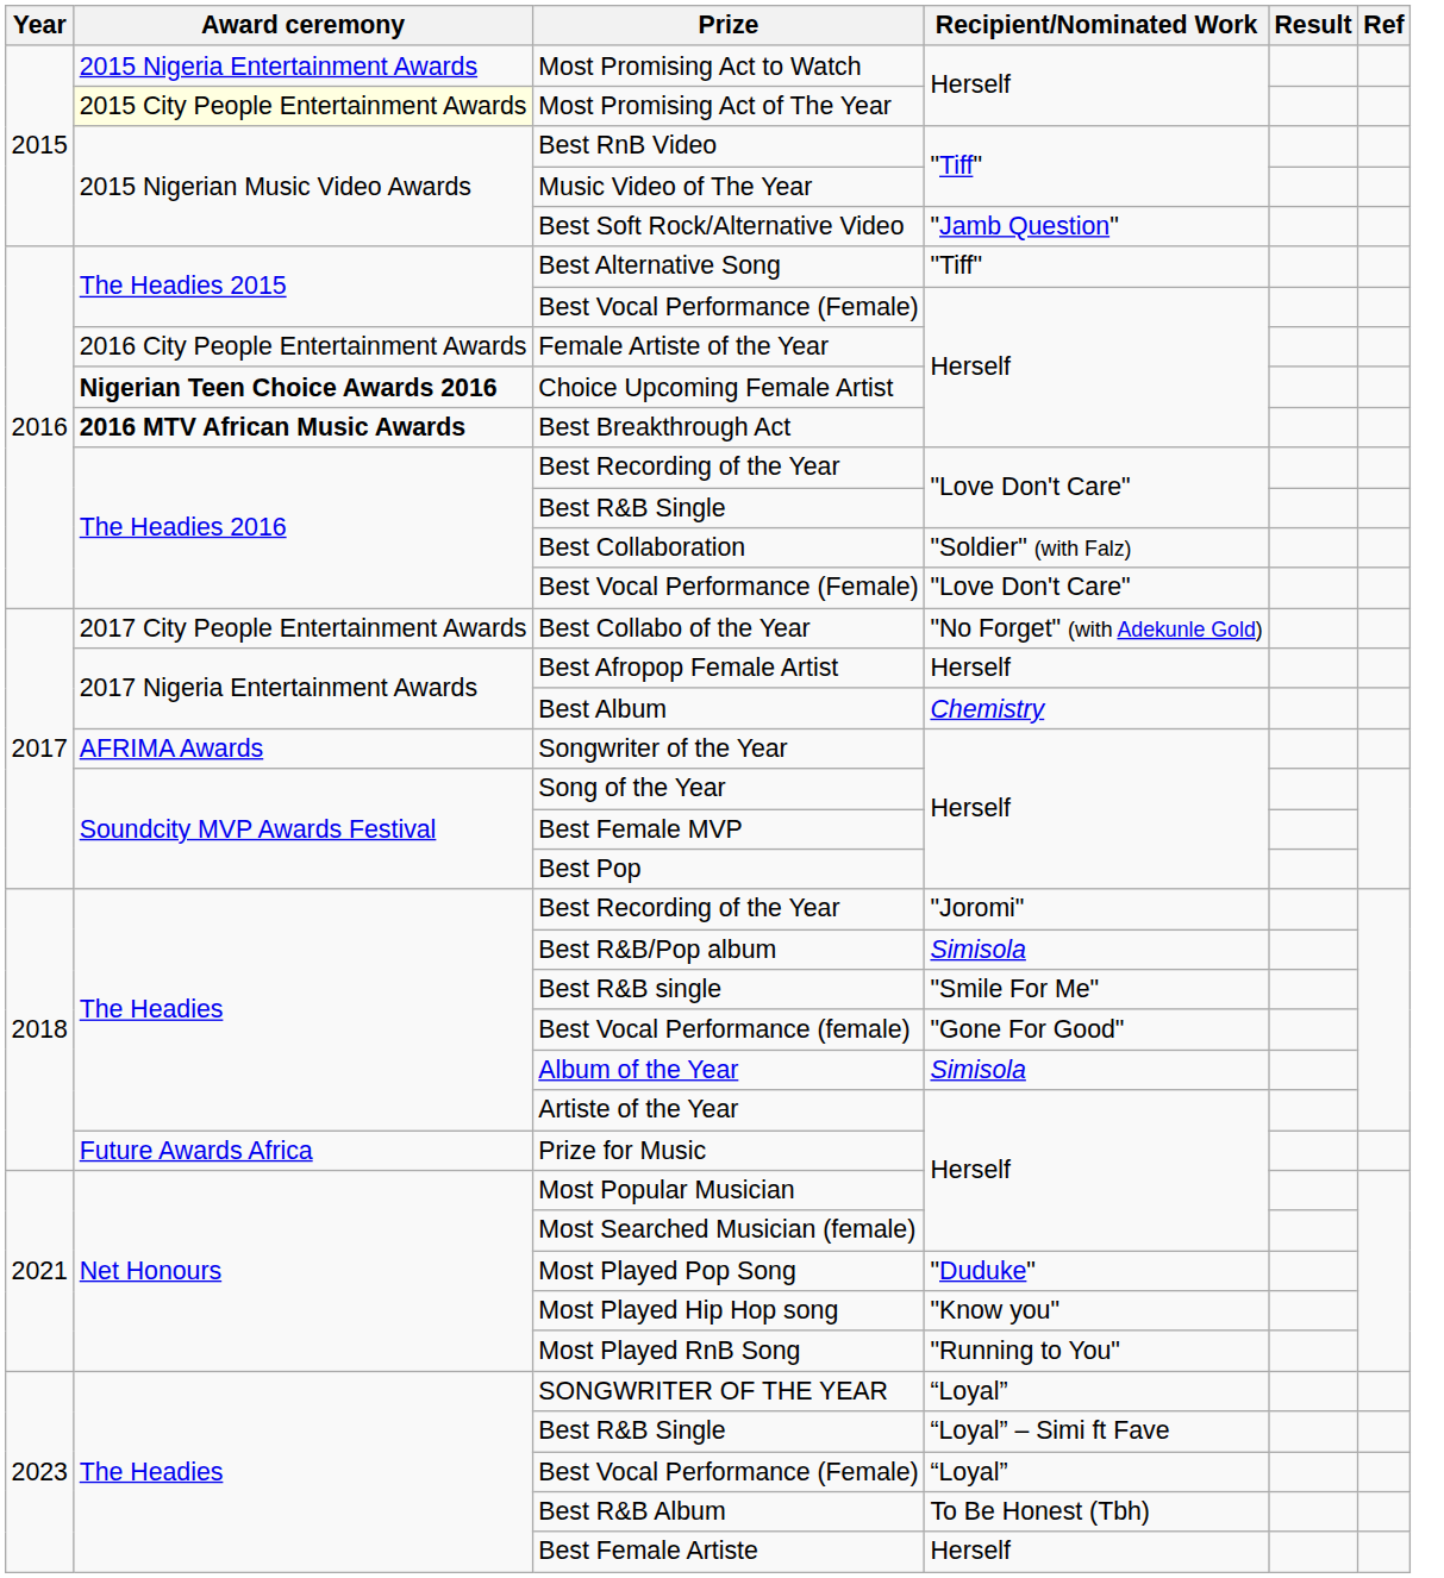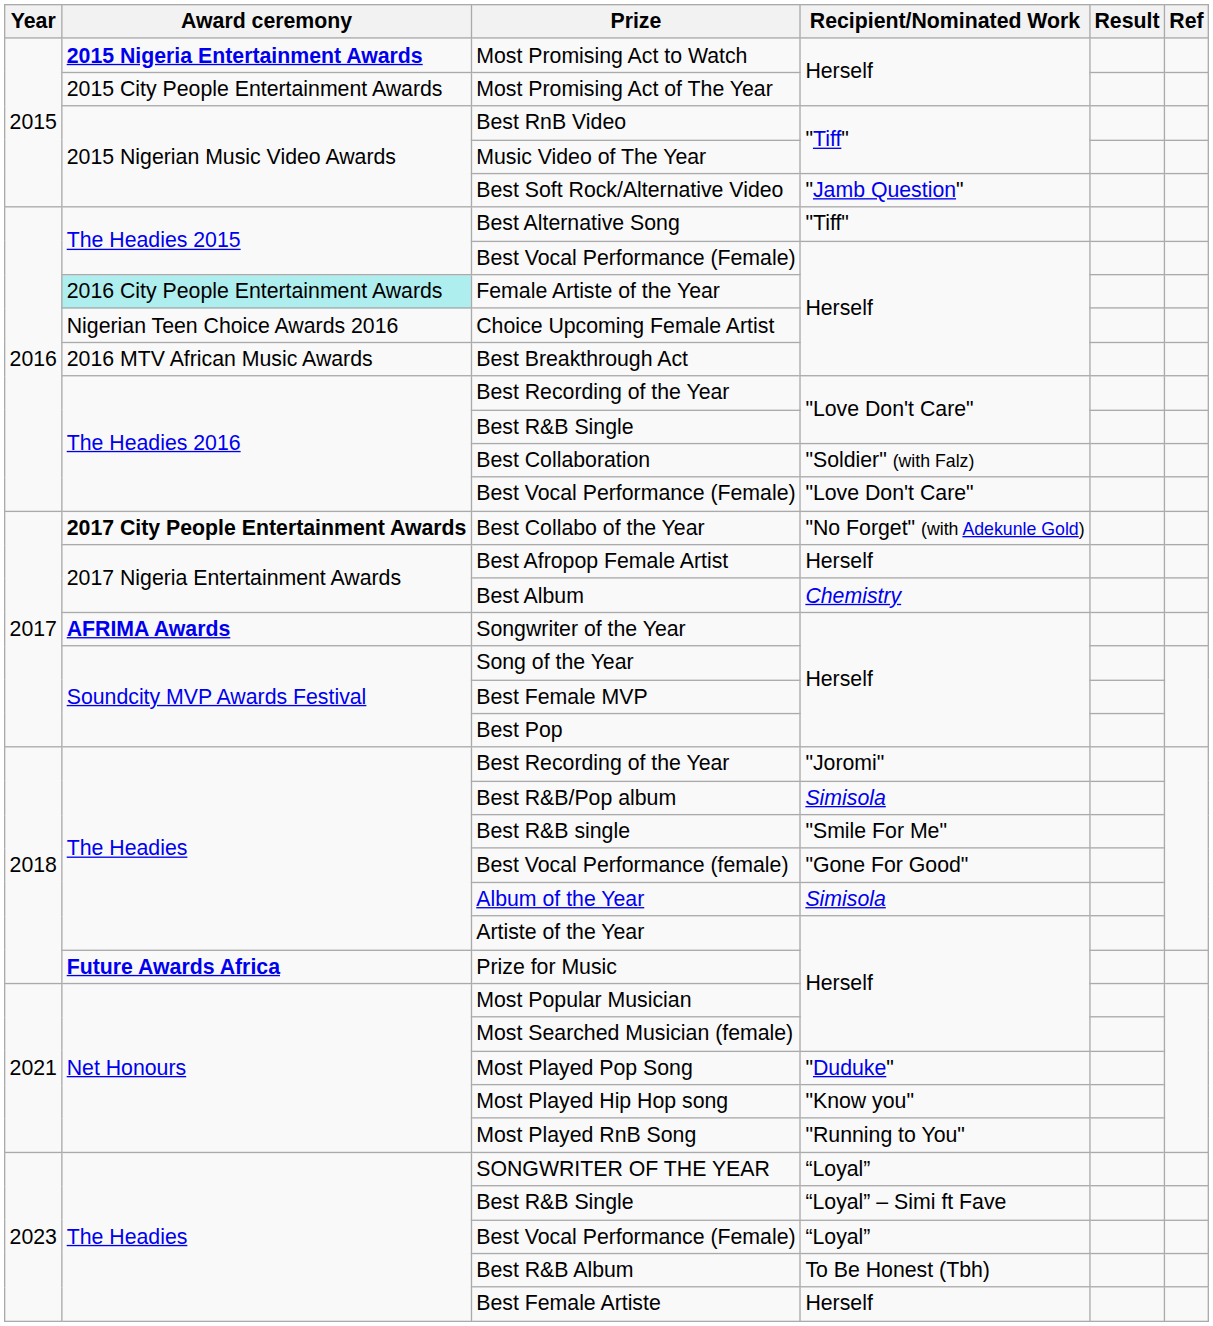 <table class ="wikitable">
 <tr>
 <th>Year</th>
 <th>Award ceremony</th>
 <th>Prize</th>
 <th>Recipient/Nominated Work</th>
 <th>Result</th>
 <th>Ref</th>
 </tr>
 <tr>
 <td rowspan="5">2015</td>
-<td><a href='#'>2015 Nigeria Entertainment Awards</a></td>
+<td><strong><a href='#'>2015 Nigeria Entertainment Awards</a></strong></td>
 <td>Most Promising Act to Watch</td>
 <td rowspan="2">Herself</td>
 <td></td>
 <td></td>
 </tr>
 <tr>
-<td style="background: lightyellow;">2015 City People Entertainment Awards</td>
+<td>2015 City People Entertainment Awards</td>
 <td>Most Promising Act of The Year</td>
 <td></td>
 <td></td>
 </tr>
 <tr>
 <td rowspan="3">2015 Nigerian Music Video Awards</td>
 <td>Best RnB Video</td>
 <td rowspan="2">"<a href='#'>Tiff</a>"</td>
 <td></td>
 <td></td>
 </tr>
 <tr>
 <td>Music Video of The Year</td>
 <td></td>
 <td></td>
 </tr>
 <tr>
 <td>Best Soft Rock/Alternative Video</td>
 <td>"<a href='#'>Jamb Question</a>"</td>
 <td></td>
 <td></td>
 </tr>
 <tr>
 <td rowspan="9">2016</td>
 <td rowspan="2"><a href='#'>The Headies 2015</a></td>
 <td>Best Alternative Song</td>
 <td>"Tiff"</td>
 <td></td>
 <td></td>
 </tr>
 <tr>
 <td>Best Vocal Performance (Female)</td>
 <td rowspan="4">Herself</td>
 <td></td>
 <td></td>
 </tr>
 <tr>
-<td>2016 City People Entertainment Awards</td>
+<td style="background: paleturquoise;">2016 City People Entertainment Awards</td>
 <td>Female Artiste of the Year</td>
 <td></td>
 <td></td>
 </tr>
 <tr>
-<td><strong>Nigerian Teen Choice Awards 2016</strong></td>
+<td>Nigerian Teen Choice Awards 2016</td>
 <td>Choice Upcoming Female Artist</td>
 <td></td>
 <td></td>
 </tr>
 <tr>
-<td><strong>2016 MTV African Music Awards</strong></td>
+<td>2016 MTV African Music Awards</td>
 <td>Best Breakthrough Act</td>
 <td></td>
 <td></td>
 </tr>
 <tr>
 <td rowspan="4"><a href='#'>The Headies 2016</a></td>
 <td>Best Recording of the Year</td>
 <td rowspan="2">"Love Don't Care"</td>
 <td></td>
 <td></td>
 </tr>
 <tr>
 <td>Best R&B Single</td>
 <td></td>
 <td></td>
 </tr>
 <tr>
 <td>Best Collaboration</td>
 <td>"Soldier" <small>(with Falz)</small></td>
 <td></td>
 <td></td>
 </tr>
 <tr>
 <td>Best Vocal Performance (Female)</td>
 <td>"Love Don't Care"</td>
 <td></td>
 <td></td>
 </tr>
 <tr>
 <td rowspan="7">2017</td>
-<td>2017 City People Entertainment Awards</td>
+<td><strong>2017 City People Entertainment Awards</strong></td>
 <td>Best Collabo of the Year</td>
 <td>"No Forget" <small>(with <a href='#'>Adekunle Gold</a>)</small></td>
 <td></td>
 <td></td>
 </tr>
 <tr>
 <td rowspan="2">2017 Nigeria Entertainment Awards</td>
 <td>Best Afropop Female Artist</td>
 <td>Herself</td>
 <td></td>
 <td></td>
 </tr>
 <tr>
 <td>Best Album</td>
 <td><em><a href='#'>Chemistry</a></em> </td>
 <td></td>
 <td></td>
 </tr>
 <tr>
-<td><a href='#'>AFRIMA Awards</a></td>
+<td><strong><a href='#'>AFRIMA Awards</a></strong></td>
 <td>Songwriter of the Year</td>
 <td rowspan="4">Herself</td>
 <td></td>
 <td></td>
 </tr>
 <tr>
 <td rowspan="3"><a href='#'>Soundcity MVP Awards Festival</a></td>
 <td>Song of the Year</td>
 <td></td>
 <td rowspan="3"></td>
 </tr>
 <tr>
 <td>Best Female MVP</td>
 <td></td>
 </tr>
 <tr>
 <td>Best Pop</td>
 <td></td>
 </tr>
 <tr>
 <td rowspan="7">2018</td>
 <td rowspan="6"><a href='#'>The Headies</a></td>
 <td>Best Recording of the Year</td>
 <td>"Joromi"</td>
 <td></td>
 <td rowspan="6"></td>
 </tr>
 <tr>
 <td>Best R&B/Pop album</td>
 <td><em><a href='#'>Simisola</a></em></td>
 <td></td>
 </tr>
 <tr>
 <td>Best R&B single</td>
 <td>"Smile For Me"</td>
 <td></td>
 </tr>
 <tr>
 <td>Best Vocal Performance (female)</td>
 <td>"Gone For Good"</td>
 <td></td>
 </tr>
 <tr>
 <td><a href='#'>Album of the Year</a></td>
 <td><em><a href='#'>Simisola</a></em></td>
 <td></td>
 </tr>
 <tr>
 <td>Artiste of the Year</td>
 <td rowspan="4">Herself</td>
 <td></td>
 </tr>
 <tr>
-<td><a href='#'>Future Awards Africa</a></td>
+<td><strong><a href='#'>Future Awards Africa</a></strong></td>
 <td>Prize for Music</td>
 <td></td>
 <td></td>
 </tr>
 <tr>
 <td rowspan="5">2021</td>
 <td rowspan="5"><a href='#'>Net Honours</a></td>
 <td>Most Popular Musician</td>
 <td></td>
 <td rowspan="5"></td>
 </tr>
 <tr>
 <td>Most Searched Musician (female)</td>
 <td></td>
 </tr>
 <tr>
 <td>Most Played Pop Song</td>
 <td>"<a href='#'>Duduke</a>"</td>
 <td></td>
 </tr>
 <tr>
 <td>Most Played Hip Hop song</td>
 <td>"Know you" </td>
 <td></td>
 </tr>
 <tr>
 <td>Most Played RnB Song</td>
 <td>"Running to You" </td>
 <td></td>
 </tr>
 <tr>
 <td rowspan="5">2023</td>
 <td rowspan="5"><a href='#'>The Headies</a></td>
 <td>SONGWRITER OF THE YEAR</td>
 <td>“Loyal”</td>
 <td></td>
 <td></td>
 </tr>
 <tr>
 <td>Best R&B Single</td>
 <td>“Loyal” – Simi ft Fave</td>
 <td></td>
 <td></td>
 </tr>
 <tr>
 <td>Best Vocal Performance (Female)</td>
 <td>“Loyal”</td>
 <td></td>
 <td></td>
 </tr>
 <tr>
 <td>Best R&B Album</td>
 <td>To Be Honest (Tbh)</td>
 <td></td>
 <td></td>
 </tr>
 <tr>
 <td>Best Female Artiste</td>
 <td>Herself</td>
 <td></td>
 <td></td>
 </tr>
 </table>
